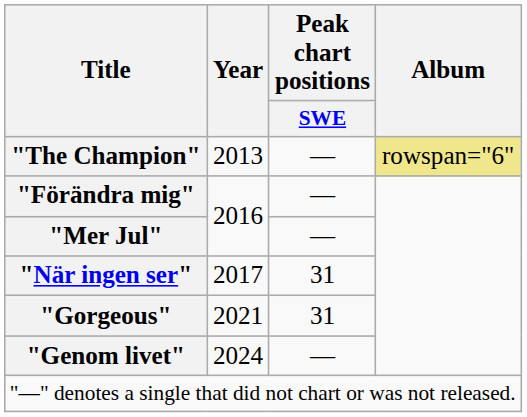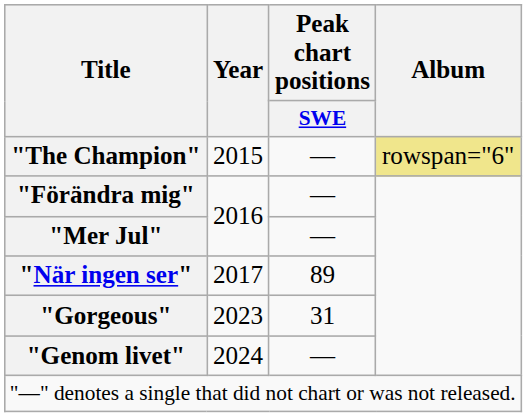 <table class="wikitable plainrowheaders" style="text-align:center;">
 <tr>
 <th scope="col" rowspan="2">Title</th>
 <th scope="col" rowspan="2">Year</th>
 <th scope="col" colspan="1">Peak chart positions</th>
 <th scope="col" rowspan="2">Album</th>
 </tr>
 <tr>
 <th scope="col" style="width:3em;font-size:85%;"><a href='#'>SWE</a></th>
 </tr>
 <tr>
 <th scope="row">"The Champion"</th>
-<td>2013</td>
+<td>2015</td>
 <td>—</td>
 <td style="background: khaki;">rowspan="6" </td>
 </tr>
 <tr>
 <th scope="row">"Förändra mig"</th>
 <td rowspan=2>2016</td>
 <td>—</td>
 </tr>
 <tr>
 <th scope="row">"Mer Jul"</th>
 <td>—</td>
 </tr>
 <tr>
 <th scope="row">"<a href='#'>När ingen ser</a>"</th>
 <td>2017</td>
-<td>31<br></td>
+<td>89<br></td>
 </tr>
 <tr>
 <th scope="row">"Gorgeous"</th>
-<td>2021</td>
+<td>2023</td>
 <td>31<br></td>
 </tr>
 <tr>
 <th scope="row">"Genom livet"</th>
 <td>2024</td>
 <td>—</td>
 </tr>
 <tr>
 <td style="font-size:85%;" colspan="5">"—" denotes a single that did not chart or was not released.</td>
 </tr>
 </table>
